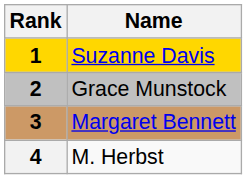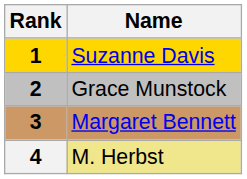 <table class="wikitable">
 <tr>
 <th>Rank</th>
 <th>Name</th>
 </tr>
 <tr bgcolor="gold">
 <td align="center"><strong>1</strong></td>
 <td><a href='#'>Suzanne Davis</a></td>
 </tr>
 <tr bgcolor="silver">
 <td align="center"><strong>2</strong></td>
 <td>Grace Munstock</td>
 </tr>
 <tr bgcolor="cc9966">
 <td align="center"><strong>3</strong></td>
 <td><a href='#'>Margaret Bennett</a></td>
 </tr>
 <tr>
 <th>4</th>
-<td>M. Herbst</td>
+<td style="background: khaki;">M. Herbst</td>
 </tr>
 </table>
